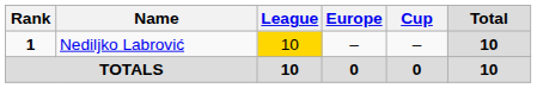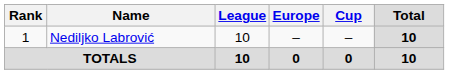 <table class="wikitable" style="font-size: 95%; text-align: center;">
 <tr>
 <th width=40>Rank</th>
 <th width=180>Name</th>
 <th width=50><a href='#'>League</a></th>
 <th width=50><a href='#'>Europe</a></th>
 <th width=50><a href='#'>Cup</a></th>
 <th width=70 style="background: #DCDCDC">Total</th>
 </tr>
 <tr>
-<td><strong>1</strong></td>
+<td>1</td>
 <td style="text-align:left;"> <a href='#'>Nediljko Labrović</a></td>
-<td style="background: gold;">10</td>
+<td>10</td>
 <td>–</td>
 <td>–</td>
 <th style="background: #DCDCDC">10</th>
 </tr>
 <tr>
 <th colspan="2" align="center" style="background: #DCDCDC">TOTALS</th>
 <th style="background: #DCDCDC">10</th>
 <th style="background: #DCDCDC">0</th>
 <th style="background: #DCDCDC">0</th>
 <th style="background: #DCDCDC">10</th>
 </tr>
 </table>
